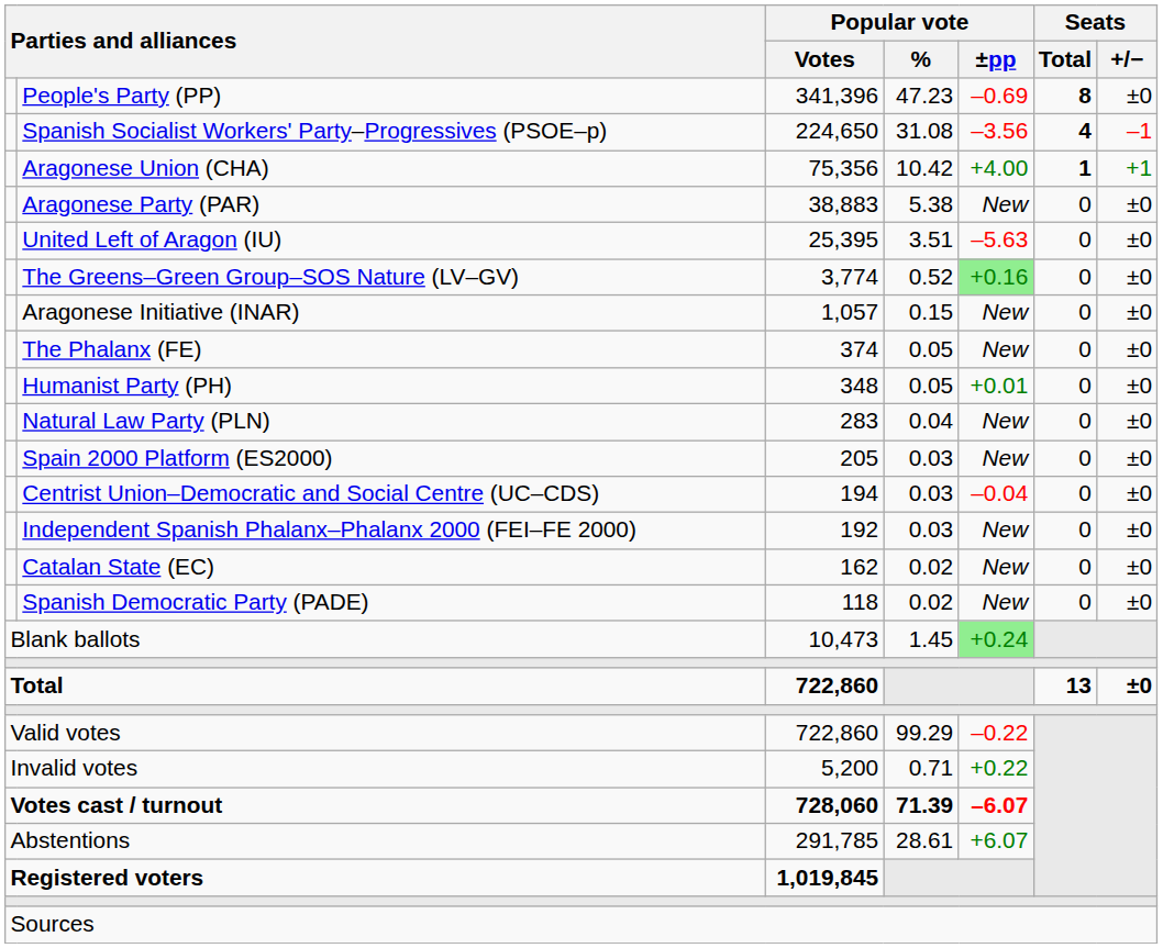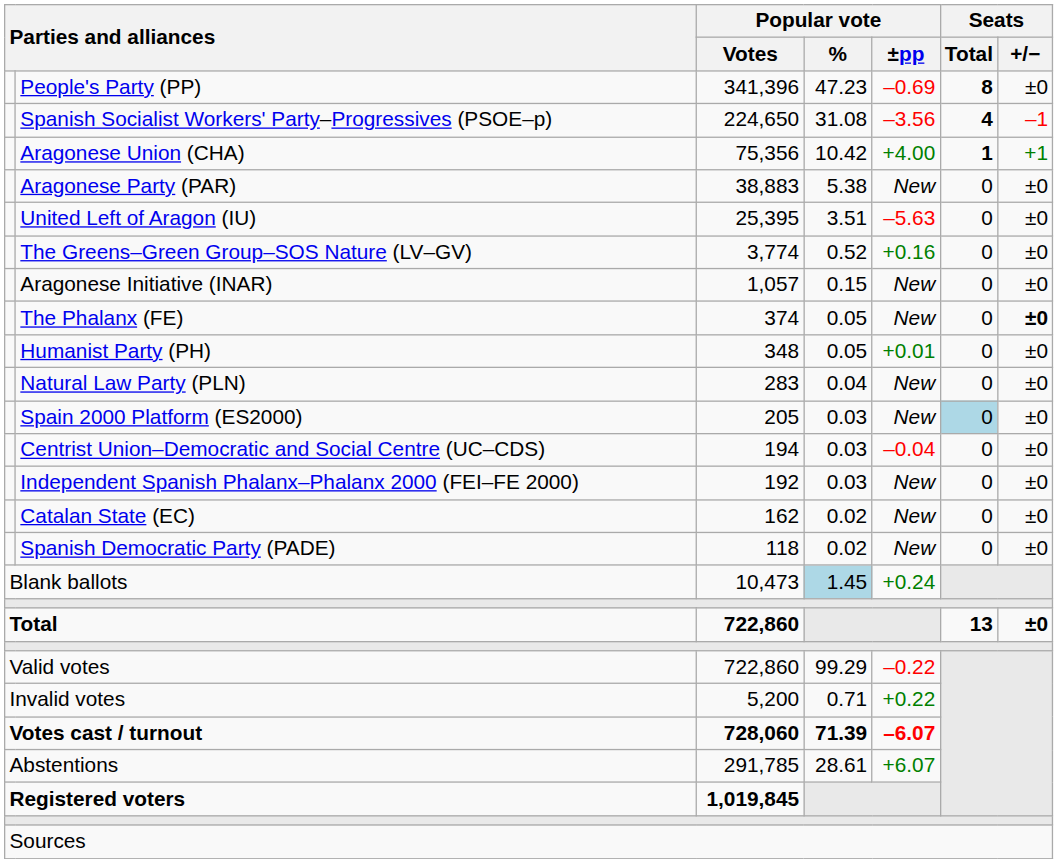 <table class="wikitable" style="text-align:right;">
 <tr>
 <th style="text-align:left;" rowspan="2" colspan="2" width="525">Parties and alliances</th>
 <th colspan="3">Popular vote</th>
 <th colspan="2">Seats</th>
 </tr>
 <tr>
 <th width="75">Votes</th>
 <th width="45">%</th>
 <th width="45">±<a href='#'>pp</a></th>
 <th width="35">Total</th>
 <th width="35">+/−</th>
 </tr>
 <tr>
 <td width="1" style="color:inherit;background:"></td>
 <td align="left"><a href='#'>People's Party</a> (PP)</td>
 <td>341,396</td>
 <td>47.23</td>
 <td style="color:red;">–0.69</td>
 <td><strong>8</strong></td>
 <td>±0</td>
 </tr>
 <tr>
 <td style="color:inherit;background:"></td>
 <td align="left"><a href='#'>Spanish Socialist Workers' Party</a>–<a href='#'>Progressives</a> (PSOE–p)</td>
 <td>224,650</td>
 <td>31.08</td>
 <td style="color:red;">–3.56</td>
 <td><strong>4</strong></td>
 <td style="color:red;">–1</td>
 </tr>
 <tr>
 <td style="color:inherit;background:"></td>
 <td align="left"><a href='#'>Aragonese Union</a> (CHA)</td>
 <td>75,356</td>
 <td>10.42</td>
 <td style="color:green;">+4.00</td>
 <td><strong>1</strong></td>
 <td style="color:green;">+1</td>
 </tr>
 <tr>
 <td style="color:inherit;background:"></td>
 <td align="left"><a href='#'>Aragonese Party</a> (PAR)</td>
 <td>38,883</td>
 <td>5.38</td>
 <td><em>New</em></td>
 <td>0</td>
 <td>±0</td>
 </tr>
 <tr>
 <td style="color:inherit;background:"></td>
 <td align="left"><a href='#'>United Left of Aragon</a> (IU)</td>
 <td>25,395</td>
 <td>3.51</td>
 <td style="color:red;">–5.63</td>
 <td>0</td>
 <td>±0</td>
 </tr>
 <tr>
 <td style="color:inherit;background:"></td>
 <td align="left"><a href='#'>The Greens–Green Group–SOS Nature</a> (LV–GV)</td>
 <td>3,774</td>
 <td>0.52</td>
-<td style="background: lightgreen; color:green;">+0.16</td>
+<td style="color:green;">+0.16</td>
 <td>0</td>
 <td>±0</td>
 </tr>
 <tr>
 <td style="color:inherit;background:"></td>
 <td align="left">Aragonese Initiative (INAR)</td>
 <td>1,057</td>
 <td>0.15</td>
 <td><em>New</em></td>
 <td>0</td>
 <td>±0</td>
 </tr>
 <tr>
 <td style="color:inherit;background:"></td>
 <td align="left"><a href='#'>The Phalanx</a> (FE)</td>
 <td>374</td>
 <td>0.05</td>
 <td><em>New</em></td>
 <td>0</td>
-<td>±0</td>
+<td><strong>±0</strong></td>
 </tr>
 <tr>
 <td style="color:inherit;background:"></td>
 <td align="left"><a href='#'>Humanist Party</a> (PH)</td>
 <td>348</td>
 <td>0.05</td>
 <td style="color:green;">+0.01</td>
 <td>0</td>
 <td>±0</td>
 </tr>
 <tr>
 <td style="color:inherit;background:"></td>
 <td align="left"><a href='#'>Natural Law Party</a> (PLN)</td>
 <td>283</td>
 <td>0.04</td>
 <td><em>New</em></td>
 <td>0</td>
 <td>±0</td>
 </tr>
 <tr>
 <td style="color:inherit;background:"></td>
 <td align="left"><a href='#'>Spain 2000 Platform</a> (ES2000)</td>
 <td>205</td>
 <td>0.03</td>
 <td><em>New</em></td>
-<td>0</td>
+<td style="background: lightblue;">0</td>
 <td>±0</td>
 </tr>
 <tr>
 <td style="color:inherit;background:"></td>
 <td align="left"><a href='#'>Centrist Union–Democratic and Social Centre</a> (UC–CDS)</td>
 <td>194</td>
 <td>0.03</td>
 <td style="color:red;">–0.04</td>
 <td>0</td>
 <td>±0</td>
 </tr>
 <tr>
 <td style="color:inherit;background:"></td>
 <td align="left"><a href='#'>Independent Spanish Phalanx–Phalanx 2000</a> (FEI–FE 2000)</td>
 <td>192</td>
 <td>0.03</td>
 <td><em>New</em></td>
 <td>0</td>
 <td>±0</td>
 </tr>
 <tr>
 <td style="color:inherit;background:"></td>
 <td align="left"><a href='#'>Catalan State</a> (EC)</td>
 <td>162</td>
 <td>0.02</td>
 <td><em>New</em></td>
 <td>0</td>
 <td>±0</td>
 </tr>
 <tr>
 <td style="color:inherit;background:"></td>
 <td align="left"><a href='#'>Spanish Democratic Party</a> (PADE)</td>
 <td>118</td>
 <td>0.02</td>
 <td><em>New</em></td>
 <td>0</td>
 <td>±0</td>
 </tr>
 <tr>
 <td align="left" colspan="2">Blank ballots</td>
 <td>10,473</td>
-<td>1.45</td>
-<td style="background: lightgreen; color:green;">+0.24</td>
+<td style="background: lightblue;">1.45</td>
+<td style="color:green;">+0.24</td>
 <td bgcolor="#E9E9E9" colspan="2"></td>
 </tr>
 <tr>
 <td colspan="7" bgcolor="#E9E9E9"></td>
 </tr>
 <tr style="font-weight:bold;">
 <td align="left" colspan="2">Total</td>
 <td>722,860</td>
 <td bgcolor="#E9E9E9" colspan="2"></td>
 <td>13</td>
 <td>±0</td>
 </tr>
 <tr>
 <td colspan="7" bgcolor="#E9E9E9"></td>
 </tr>
 <tr>
 <td align="left" colspan="2">Valid votes</td>
 <td>722,860</td>
 <td>99.29</td>
 <td style="color:red;">–0.22</td>
 <td bgcolor="#E9E9E9" colspan="2" rowspan="5"></td>
 </tr>
 <tr>
 <td align="left" colspan="2">Invalid votes</td>
 <td>5,200</td>
 <td>0.71</td>
 <td style="color:green;">+0.22</td>
 </tr>
 <tr style="font-weight:bold;">
 <td align="left" colspan="2">Votes cast / turnout</td>
 <td>728,060</td>
 <td>71.39</td>
 <td style="color:red;">–6.07</td>
 </tr>
 <tr>
 <td align="left" colspan="2">Abstentions</td>
 <td>291,785</td>
 <td>28.61</td>
 <td style="color:green;">+6.07</td>
 </tr>
 <tr style="font-weight:bold;">
 <td align="left" colspan="2">Registered voters</td>
 <td>1,019,845</td>
 <td bgcolor="#E9E9E9" colspan="2"></td>
 </tr>
 <tr>
 <td colspan="7" bgcolor="#E9E9E9"></td>
 </tr>
 <tr>
 <td align="left" colspan="7">Sources</td>
 </tr>
 </table>
